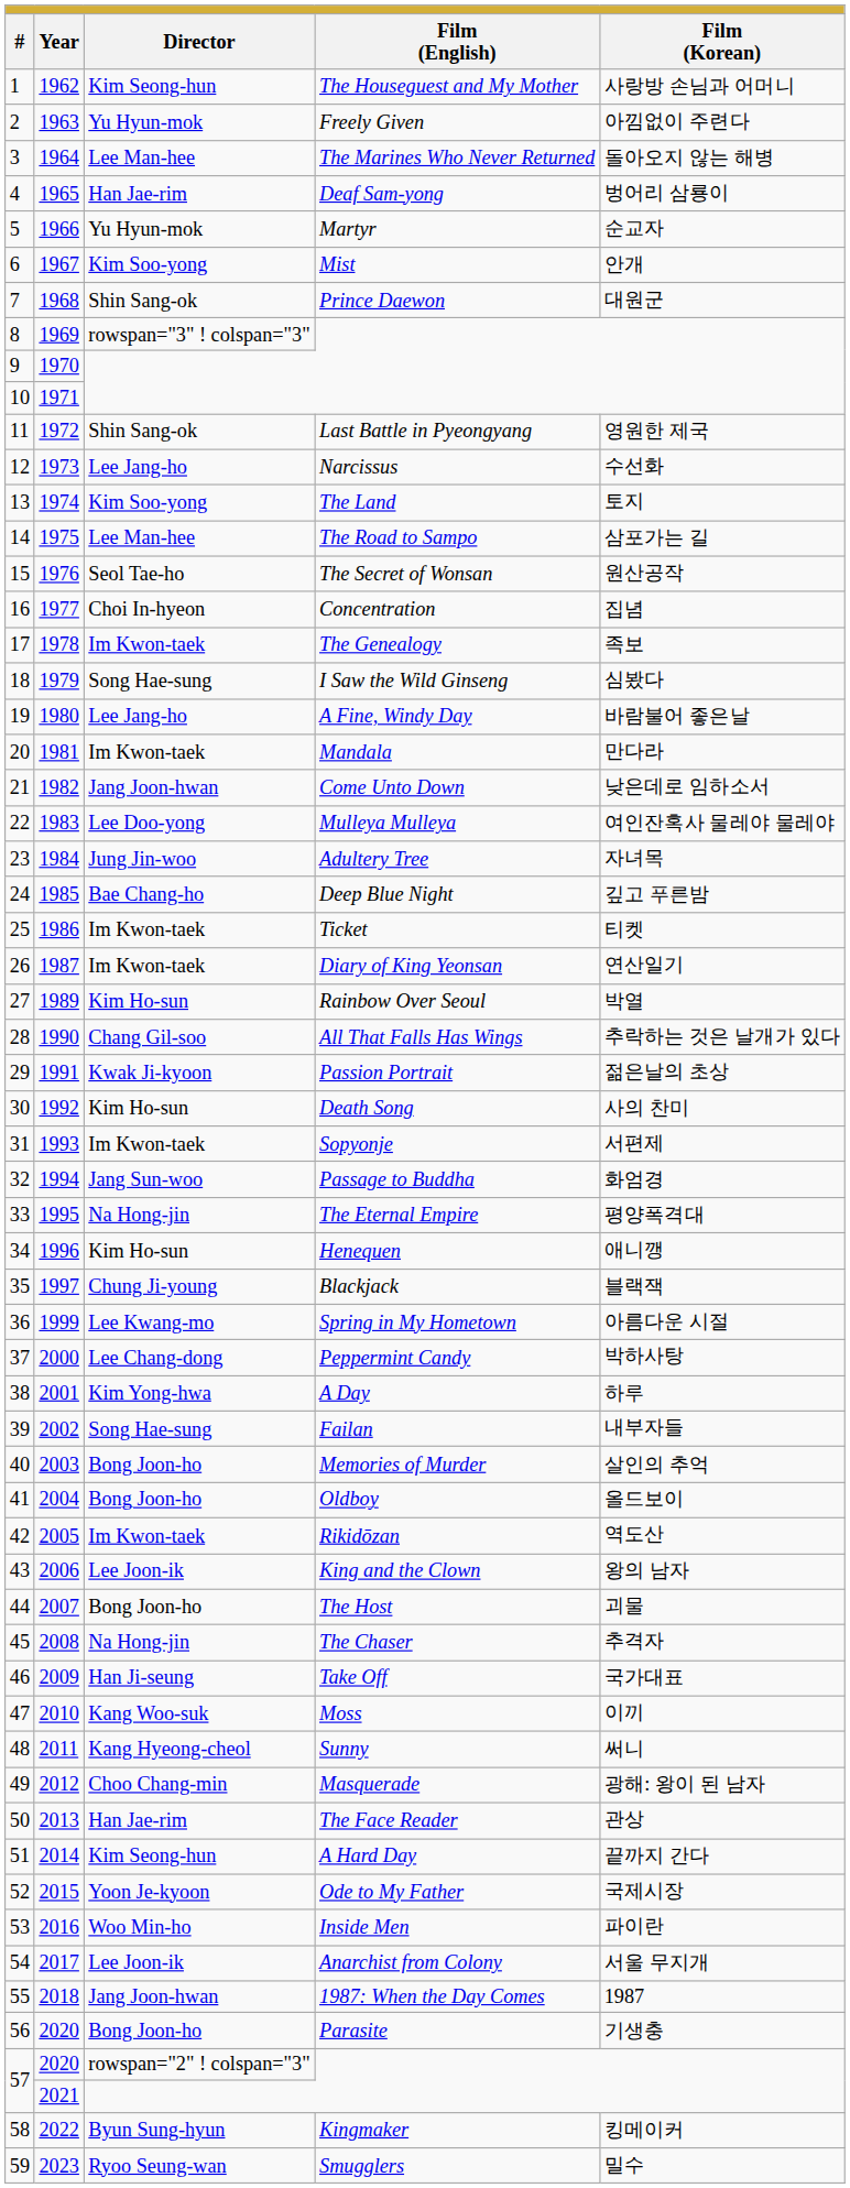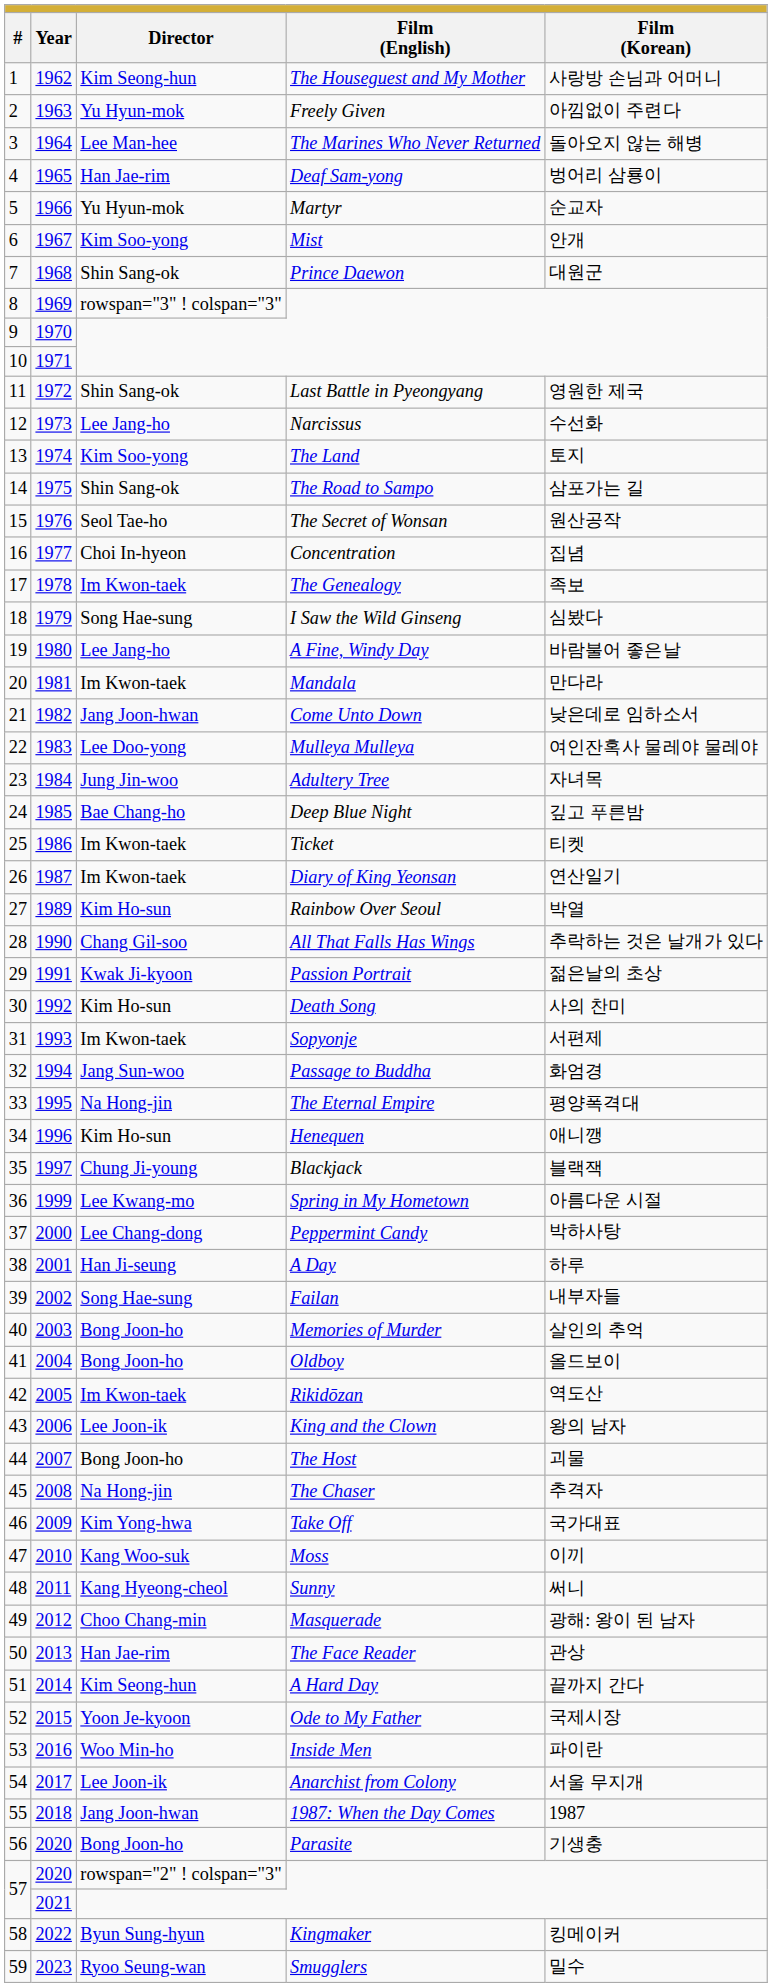 <table class="wikitable collapsible collapsed">
 <tr>
 <th colspan="5" style="background: #D4AF37;"></th>
 </tr>
 <tr>
 <th>#</th>
 <th>Year</th>
 <th>Director</th>
 <th>Film<br>(English)</th>
 <th>Film<br>(Korean)</th>
 </tr>
 <tr>
 <td>1</td>
 <td><a href='#'>1962</a></td>
 <td><a href='#'>Kim Seong-hun</a></td>
 <td><em><a href='#'>The Houseguest and My Mother</a></em></td>
 <td>사랑방 손님과 어머니</td>
 </tr>
 <tr>
 <td>2</td>
 <td><a href='#'>1963</a></td>
 <td><a href='#'>Yu Hyun-mok</a></td>
 <td><em>Freely Given</em></td>
 <td>아낌없이 주련다</td>
 </tr>
 <tr>
 <td>3</td>
 <td><a href='#'>1964</a></td>
 <td><a href='#'>Lee Man-hee</a></td>
 <td><em><a href='#'>The Marines Who Never Returned</a></em></td>
 <td>돌아오지 않는 해병</td>
 </tr>
 <tr>
 <td>4</td>
 <td><a href='#'>1965</a></td>
 <td><a href='#'>Han Jae-rim</a></td>
 <td><em><a href='#'>Deaf Sam-yong</a></em></td>
 <td>벙어리 삼룡이</td>
 </tr>
 <tr>
 <td>5</td>
 <td><a href='#'>1966</a></td>
 <td>Yu Hyun-mok</td>
 <td><em>Martyr</em></td>
 <td>순교자</td>
 </tr>
 <tr>
 <td>6</td>
 <td><a href='#'>1967</a></td>
 <td><a href='#'>Kim Soo-yong</a></td>
 <td><em><a href='#'>Mist</a></em></td>
 <td>안개</td>
 </tr>
 <tr>
 <td>7</td>
 <td><a href='#'>1968</a></td>
 <td>Shin Sang-ok</td>
 <td><em><a href='#'>Prince Daewon</a></em></td>
 <td>대원군</td>
 </tr>
 <tr>
 <td>8</td>
 <td><a href='#'>1969</a></td>
 <td>rowspan="3" !  colspan="3" </td>
 </tr>
 <tr>
 <td>9</td>
 <td><a href='#'>1970</a></td>
 </tr>
 <tr>
 <td>10</td>
 <td><a href='#'>1971</a></td>
 </tr>
 <tr>
 <td>11</td>
 <td><a href='#'>1972</a></td>
 <td>Shin Sang-ok</td>
 <td><em>Last Battle in Pyeongyang</em></td>
 <td>영원한 제국</td>
 </tr>
 <tr>
 <td>12</td>
 <td><a href='#'>1973</a></td>
 <td><a href='#'>Lee Jang-ho</a></td>
 <td><em>Narcissus</em></td>
 <td>수선화</td>
 </tr>
 <tr>
 <td>13</td>
 <td><a href='#'>1974</a></td>
 <td><a href='#'>Kim Soo-yong</a></td>
 <td><em><a href='#'>The Land</a></em></td>
 <td>토지</td>
 </tr>
 <tr>
 <td>14</td>
 <td><a href='#'>1975</a></td>
-<td><a href='#'>Lee Man-hee</a></td>
+<td>Shin Sang-ok</td>
 <td><em><a href='#'>The Road to Sampo</a></em></td>
 <td>삼포가는 길</td>
 </tr>
 <tr>
 <td>15</td>
 <td><a href='#'>1976</a></td>
 <td>Seol Tae-ho</td>
 <td><em>The Secret of Wonsan</em></td>
 <td>원산공작</td>
 </tr>
 <tr>
 <td>16</td>
 <td><a href='#'>1977</a></td>
 <td>Choi In-hyeon</td>
 <td><em>Concentration</em></td>
 <td>집념</td>
 </tr>
 <tr>
 <td>17</td>
 <td><a href='#'>1978</a></td>
 <td><a href='#'>Im Kwon-taek</a></td>
 <td><em><a href='#'>The Genealogy</a></em></td>
 <td>족보</td>
 </tr>
 <tr>
 <td>18</td>
 <td><a href='#'>1979</a></td>
 <td>Song Hae-sung</td>
 <td><em>I Saw the Wild Ginseng</em></td>
 <td>심봤다</td>
 </tr>
 <tr>
 <td>19</td>
 <td><a href='#'>1980</a></td>
 <td><a href='#'>Lee Jang-ho</a></td>
 <td><em><a href='#'>A Fine, Windy Day</a></em></td>
 <td>바람불어 좋은날</td>
 </tr>
 <tr>
 <td>20</td>
 <td><a href='#'>1981</a></td>
 <td>Im Kwon-taek</td>
 <td><em><a href='#'>Mandala</a></em></td>
 <td>만다라</td>
 </tr>
 <tr>
 <td>21</td>
 <td><a href='#'>1982</a></td>
 <td><a href='#'>Jang Joon-hwan</a></td>
 <td><em><a href='#'>Come Unto Down</a></em></td>
 <td>낮은데로 임하소서</td>
 </tr>
 <tr>
 <td>22</td>
 <td><a href='#'>1983</a></td>
 <td><a href='#'>Lee Doo-yong</a></td>
 <td><em><a href='#'>Mulleya Mulleya</a></em></td>
 <td>여인잔혹사 물레야 물레야</td>
 </tr>
 <tr>
 <td>23</td>
 <td><a href='#'>1984</a></td>
 <td><a href='#'>Jung Jin-woo</a></td>
 <td><em><a href='#'>Adultery Tree</a></em></td>
 <td>자녀목</td>
 </tr>
 <tr>
 <td>24</td>
 <td><a href='#'>1985</a></td>
 <td><a href='#'>Bae Chang-ho</a></td>
 <td><em>Deep Blue Night</em></td>
 <td>깊고 푸른밤</td>
 </tr>
 <tr>
 <td>25</td>
 <td><a href='#'>1986</a></td>
 <td>Im Kwon-taek</td>
 <td><em>Ticket</em></td>
 <td>티켓</td>
 </tr>
 <tr>
 <td>26</td>
 <td><a href='#'>1987</a></td>
 <td>Im Kwon-taek</td>
 <td><em><a href='#'>Diary of King Yeonsan</a></em></td>
 <td>연산일기</td>
 </tr>
 <tr>
 <td>27</td>
 <td><a href='#'>1989</a></td>
 <td><a href='#'>Kim Ho-sun</a></td>
 <td><em>Rainbow Over Seoul</em></td>
 <td>박열</td>
 </tr>
 <tr>
 <td>28</td>
 <td><a href='#'>1990</a></td>
 <td><a href='#'>Chang Gil-soo</a></td>
 <td><em><a href='#'>All That Falls Has Wings</a></em></td>
 <td>추락하는 것은 날개가 있다</td>
 </tr>
 <tr>
 <td>29</td>
 <td><a href='#'>1991</a></td>
 <td><a href='#'>Kwak Ji-kyoon</a></td>
 <td><em><a href='#'>Passion Portrait</a></em></td>
 <td>젊은날의 초상</td>
 </tr>
 <tr>
 <td>30</td>
 <td><a href='#'>1992</a></td>
 <td>Kim Ho-sun</td>
 <td><em><a href='#'>Death Song</a></em></td>
 <td>사의 찬미</td>
 </tr>
 <tr>
 <td>31</td>
 <td><a href='#'>1993</a></td>
 <td>Im Kwon-taek</td>
 <td><em><a href='#'>Sopyonje</a></em></td>
 <td>서편제</td>
 </tr>
 <tr>
 <td>32</td>
 <td><a href='#'>1994</a></td>
 <td><a href='#'>Jang Sun-woo</a></td>
 <td><em><a href='#'>Passage to Buddha</a></em></td>
 <td>화엄경</td>
 </tr>
 <tr>
 <td>33</td>
 <td><a href='#'>1995</a></td>
 <td><a href='#'>Na Hong-jin</a></td>
 <td><em><a href='#'>The Eternal Empire</a></em></td>
 <td>평양폭격대</td>
 </tr>
 <tr>
 <td>34</td>
 <td><a href='#'>1996</a></td>
 <td>Kim Ho-sun</td>
 <td><em><a href='#'>Henequen</a></em></td>
 <td>애니깽</td>
 </tr>
 <tr>
 <td>35</td>
 <td><a href='#'>1997</a></td>
 <td><a href='#'>Chung Ji-young</a></td>
 <td><em>Blackjack</em></td>
 <td>블랙잭</td>
 </tr>
 <tr>
 <td>36</td>
 <td><a href='#'>1999</a></td>
 <td><a href='#'>Lee Kwang-mo</a></td>
 <td><em><a href='#'>Spring in My Hometown</a></em></td>
 <td>아름다운 시절</td>
 </tr>
 <tr>
 <td>37</td>
 <td><a href='#'>2000</a></td>
 <td><a href='#'>Lee Chang-dong</a></td>
 <td><em><a href='#'>Peppermint Candy</a></em></td>
 <td>박하사탕</td>
 </tr>
 <tr>
 <td>38</td>
 <td><a href='#'>2001</a></td>
-<td><a href='#'>Kim Yong-hwa</a></td>
+<td><a href='#'>Han Ji-seung</a></td>
 <td><em><a href='#'>A Day</a></em></td>
 <td>하루</td>
 </tr>
 <tr>
 <td>39</td>
 <td><a href='#'>2002</a></td>
 <td><a href='#'>Song Hae-sung</a></td>
 <td><em><a href='#'>Failan</a></em></td>
 <td>내부자들</td>
 </tr>
 <tr>
 <td>40</td>
 <td><a href='#'>2003</a></td>
 <td><a href='#'>Bong Joon-ho</a></td>
 <td><em><a href='#'>Memories of Murder</a></em></td>
 <td>살인의 추억</td>
 </tr>
 <tr>
 <td>41</td>
 <td><a href='#'>2004</a></td>
 <td><a href='#'>Bong Joon-ho</a></td>
 <td><em><a href='#'>Oldboy</a></em></td>
 <td>올드보이</td>
 </tr>
 <tr>
 <td>42</td>
 <td><a href='#'>2005</a></td>
 <td><a href='#'>Im Kwon-taek</a></td>
 <td><em><a href='#'>Rikidōzan</a></em></td>
 <td>역도산</td>
 </tr>
 <tr>
 <td>43</td>
 <td><a href='#'>2006</a></td>
 <td><a href='#'>Lee Joon-ik</a></td>
 <td><em><a href='#'>King and the Clown</a></em></td>
 <td>왕의 남자</td>
 </tr>
 <tr>
 <td>44</td>
 <td><a href='#'>2007</a></td>
 <td>Bong Joon-ho</td>
 <td><em><a href='#'>The Host</a></em></td>
 <td>괴물</td>
 </tr>
 <tr>
 <td>45</td>
 <td><a href='#'>2008</a></td>
 <td><a href='#'>Na Hong-jin</a></td>
 <td><em><a href='#'>The Chaser</a></em></td>
 <td>추격자</td>
 </tr>
 <tr>
 <td>46</td>
 <td><a href='#'>2009</a></td>
-<td><a href='#'>Han Ji-seung</a></td>
+<td><a href='#'>Kim Yong-hwa</a></td>
 <td><em><a href='#'>Take Off</a></em></td>
 <td>국가대표</td>
 </tr>
 <tr>
 <td>47</td>
 <td><a href='#'>2010</a></td>
 <td><a href='#'>Kang Woo-suk</a></td>
 <td><em><a href='#'>Moss</a></em></td>
 <td>이끼</td>
 </tr>
 <tr>
 <td>48</td>
 <td><a href='#'>2011</a></td>
 <td><a href='#'>Kang Hyeong-cheol</a></td>
 <td><em><a href='#'>Sunny</a></em></td>
 <td>써니</td>
 </tr>
 <tr>
 <td>49</td>
 <td><a href='#'>2012</a></td>
 <td><a href='#'>Choo Chang-min</a></td>
 <td><em><a href='#'>Masquerade</a></em></td>
 <td>광해: 왕이 된 남자</td>
 </tr>
 <tr>
 <td>50</td>
 <td><a href='#'>2013</a></td>
 <td><a href='#'>Han Jae-rim</a></td>
 <td><em><a href='#'>The Face Reader</a></em></td>
 <td>관상</td>
 </tr>
 <tr>
 <td>51</td>
 <td><a href='#'>2014</a></td>
 <td><a href='#'>Kim Seong-hun</a></td>
 <td><em><a href='#'>A Hard Day</a></em></td>
 <td>끝까지 간다</td>
 </tr>
 <tr>
 <td>52</td>
 <td><a href='#'>2015</a></td>
 <td><a href='#'>Yoon Je-kyoon</a></td>
 <td><em><a href='#'>Ode to My Father</a></em></td>
 <td>국제시장</td>
 </tr>
 <tr>
 <td>53</td>
 <td><a href='#'>2016</a></td>
 <td><a href='#'>Woo Min-ho</a></td>
 <td><em><a href='#'>Inside Men</a></em></td>
 <td>파이란</td>
 </tr>
 <tr>
 <td>54</td>
 <td><a href='#'>2017</a></td>
 <td><a href='#'>Lee Joon-ik</a></td>
 <td><em><a href='#'>Anarchist from Colony</a></em></td>
 <td>서울 무지개</td>
 </tr>
 <tr>
 <td>55</td>
 <td><a href='#'>2018</a></td>
 <td><a href='#'>Jang Joon-hwan</a></td>
 <td><em><a href='#'>1987: When the Day Comes</a></em></td>
 <td>1987</td>
 </tr>
 <tr>
 <td>56</td>
 <td><a href='#'>2020</a></td>
 <td><a href='#'>Bong Joon-ho</a></td>
 <td><em><a href='#'>Parasite</a></em></td>
 <td>기생충</td>
 </tr>
 <tr>
 <td rowspan="2">57</td>
 <td><a href='#'>2020</a></td>
 <td>rowspan="2" ! colspan="3" </td>
 </tr>
 <tr>
 <td><a href='#'>2021</a></td>
 </tr>
 <tr>
 <td>58</td>
 <td><a href='#'>2022</a></td>
 <td><a href='#'>Byun Sung-hyun</a></td>
 <td><em><a href='#'>Kingmaker</a></em></td>
 <td>킹메이커</td>
 </tr>
 <tr>
 <td>59</td>
 <td><a href='#'>2023</a></td>
 <td><a href='#'>Ryoo Seung-wan</a></td>
 <td><a href='#'><em>Smugglers</em></a></td>
 <td>밀수</td>
 </tr>
 </table>
